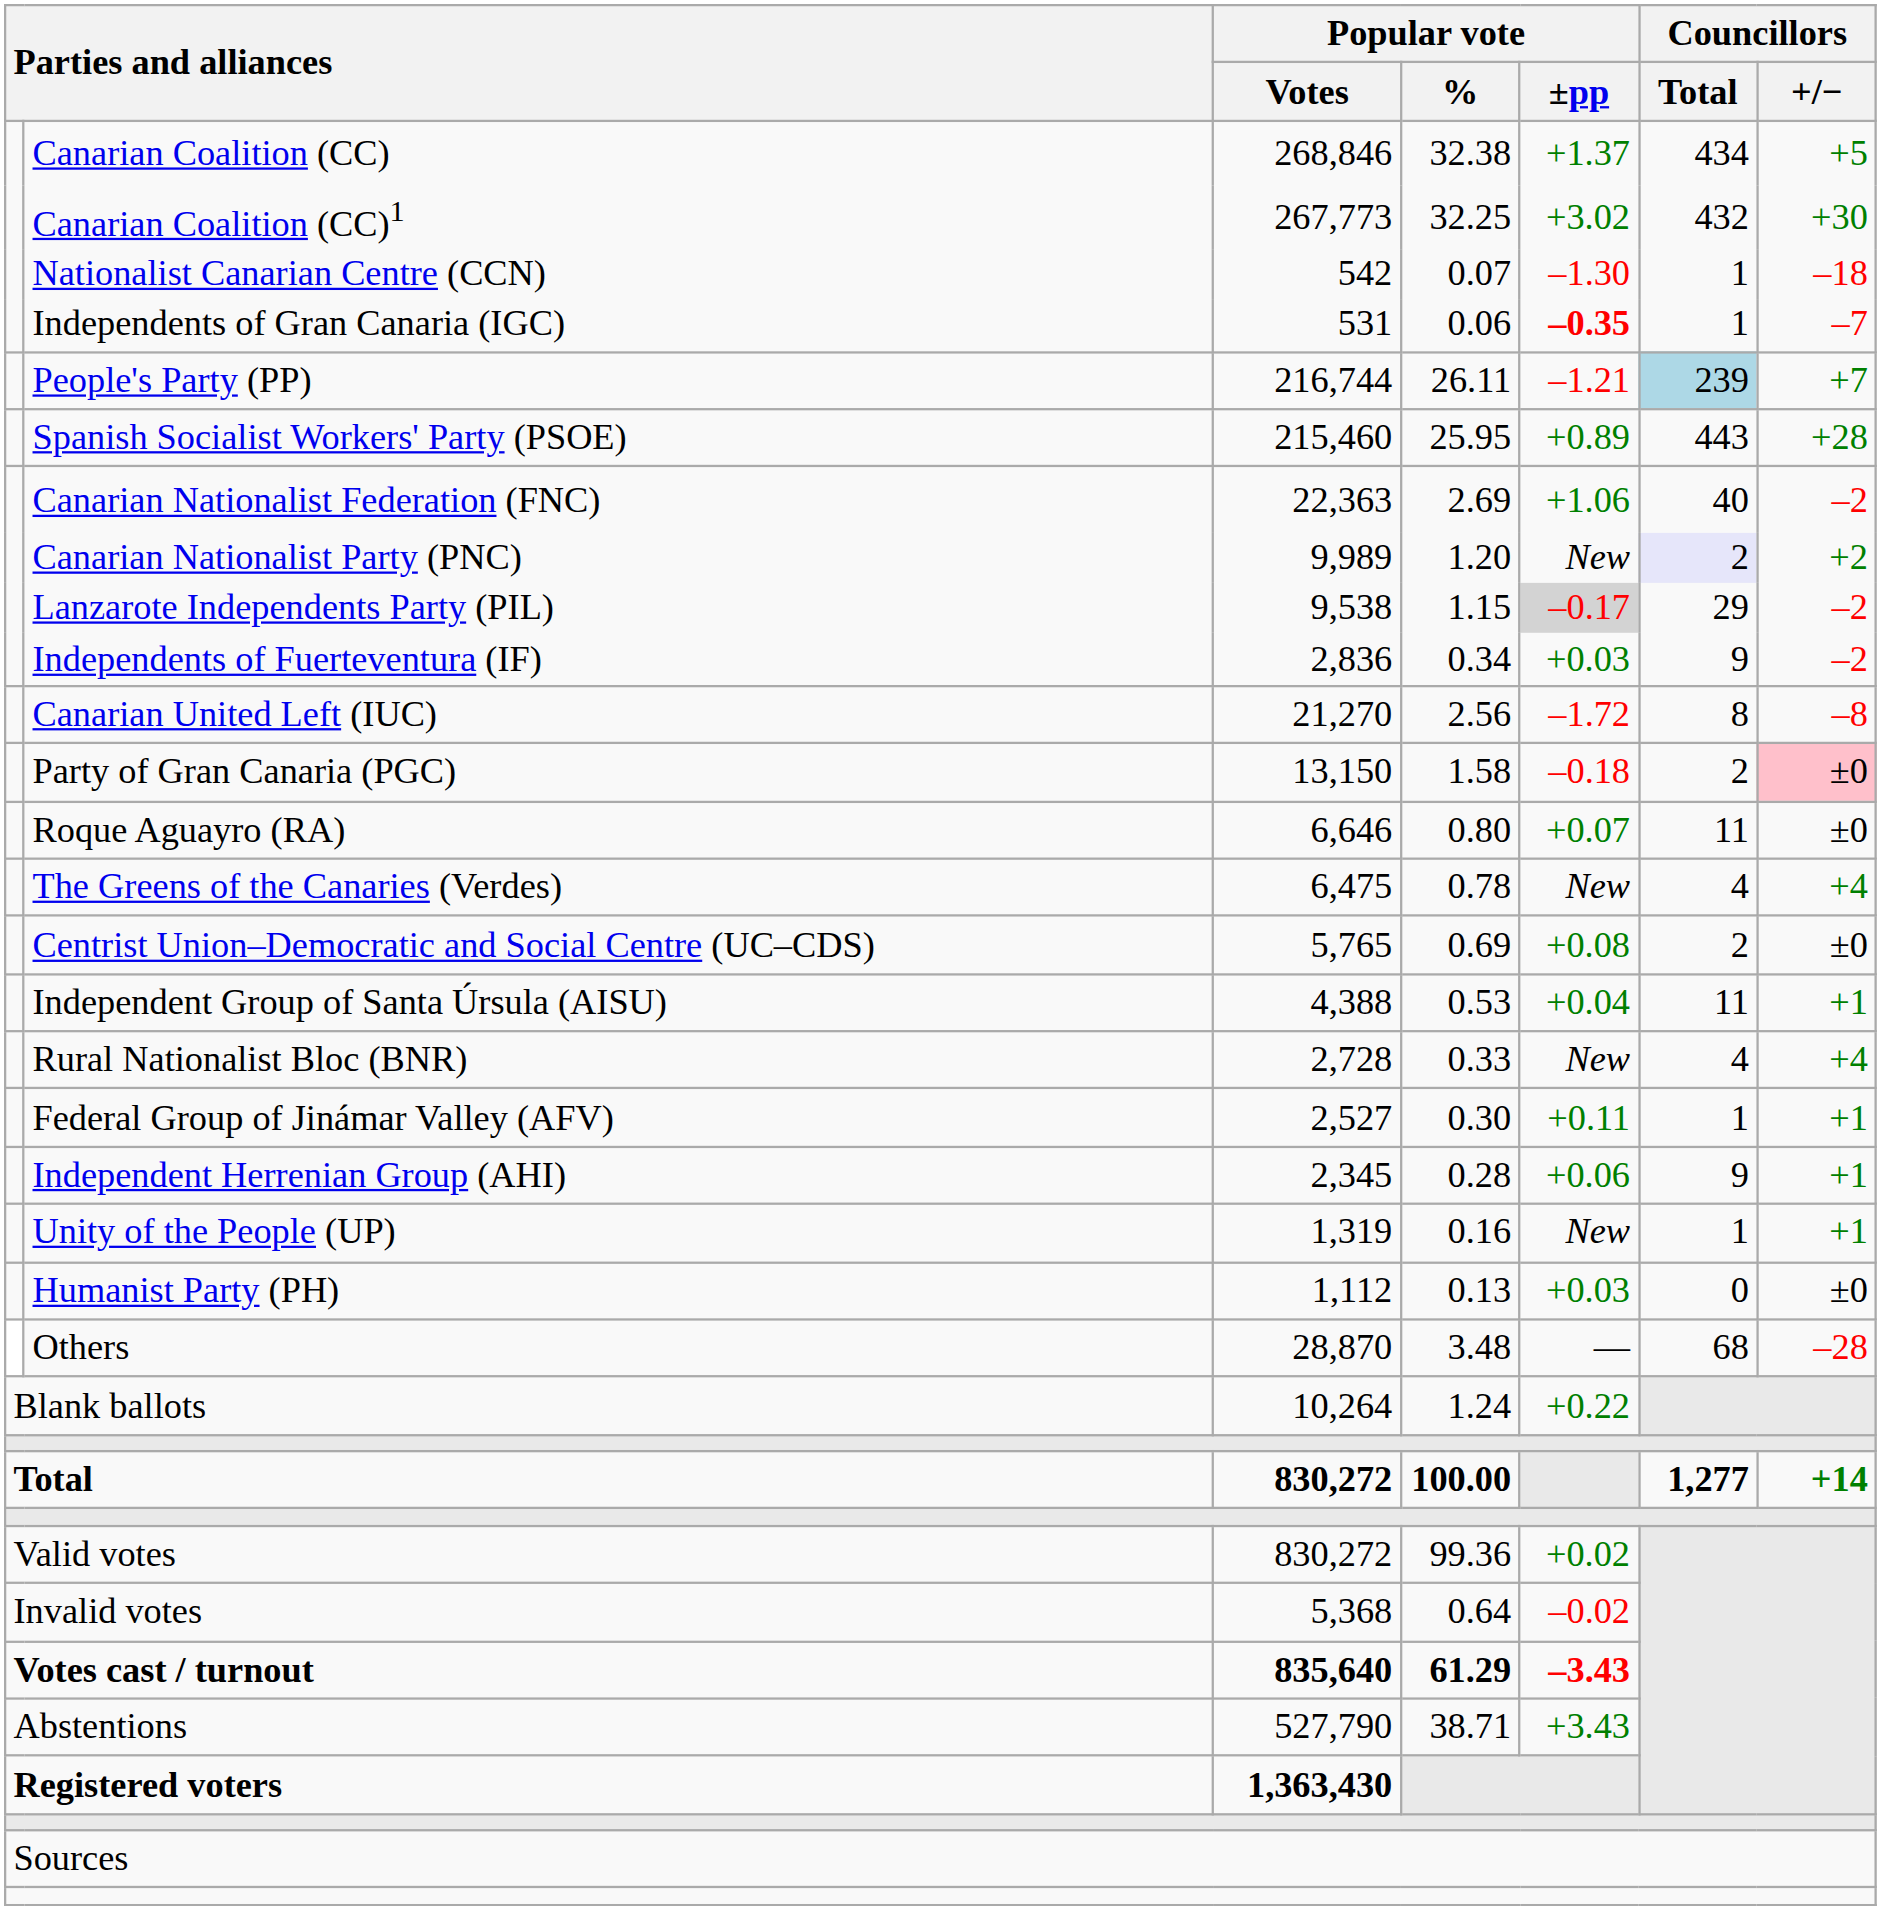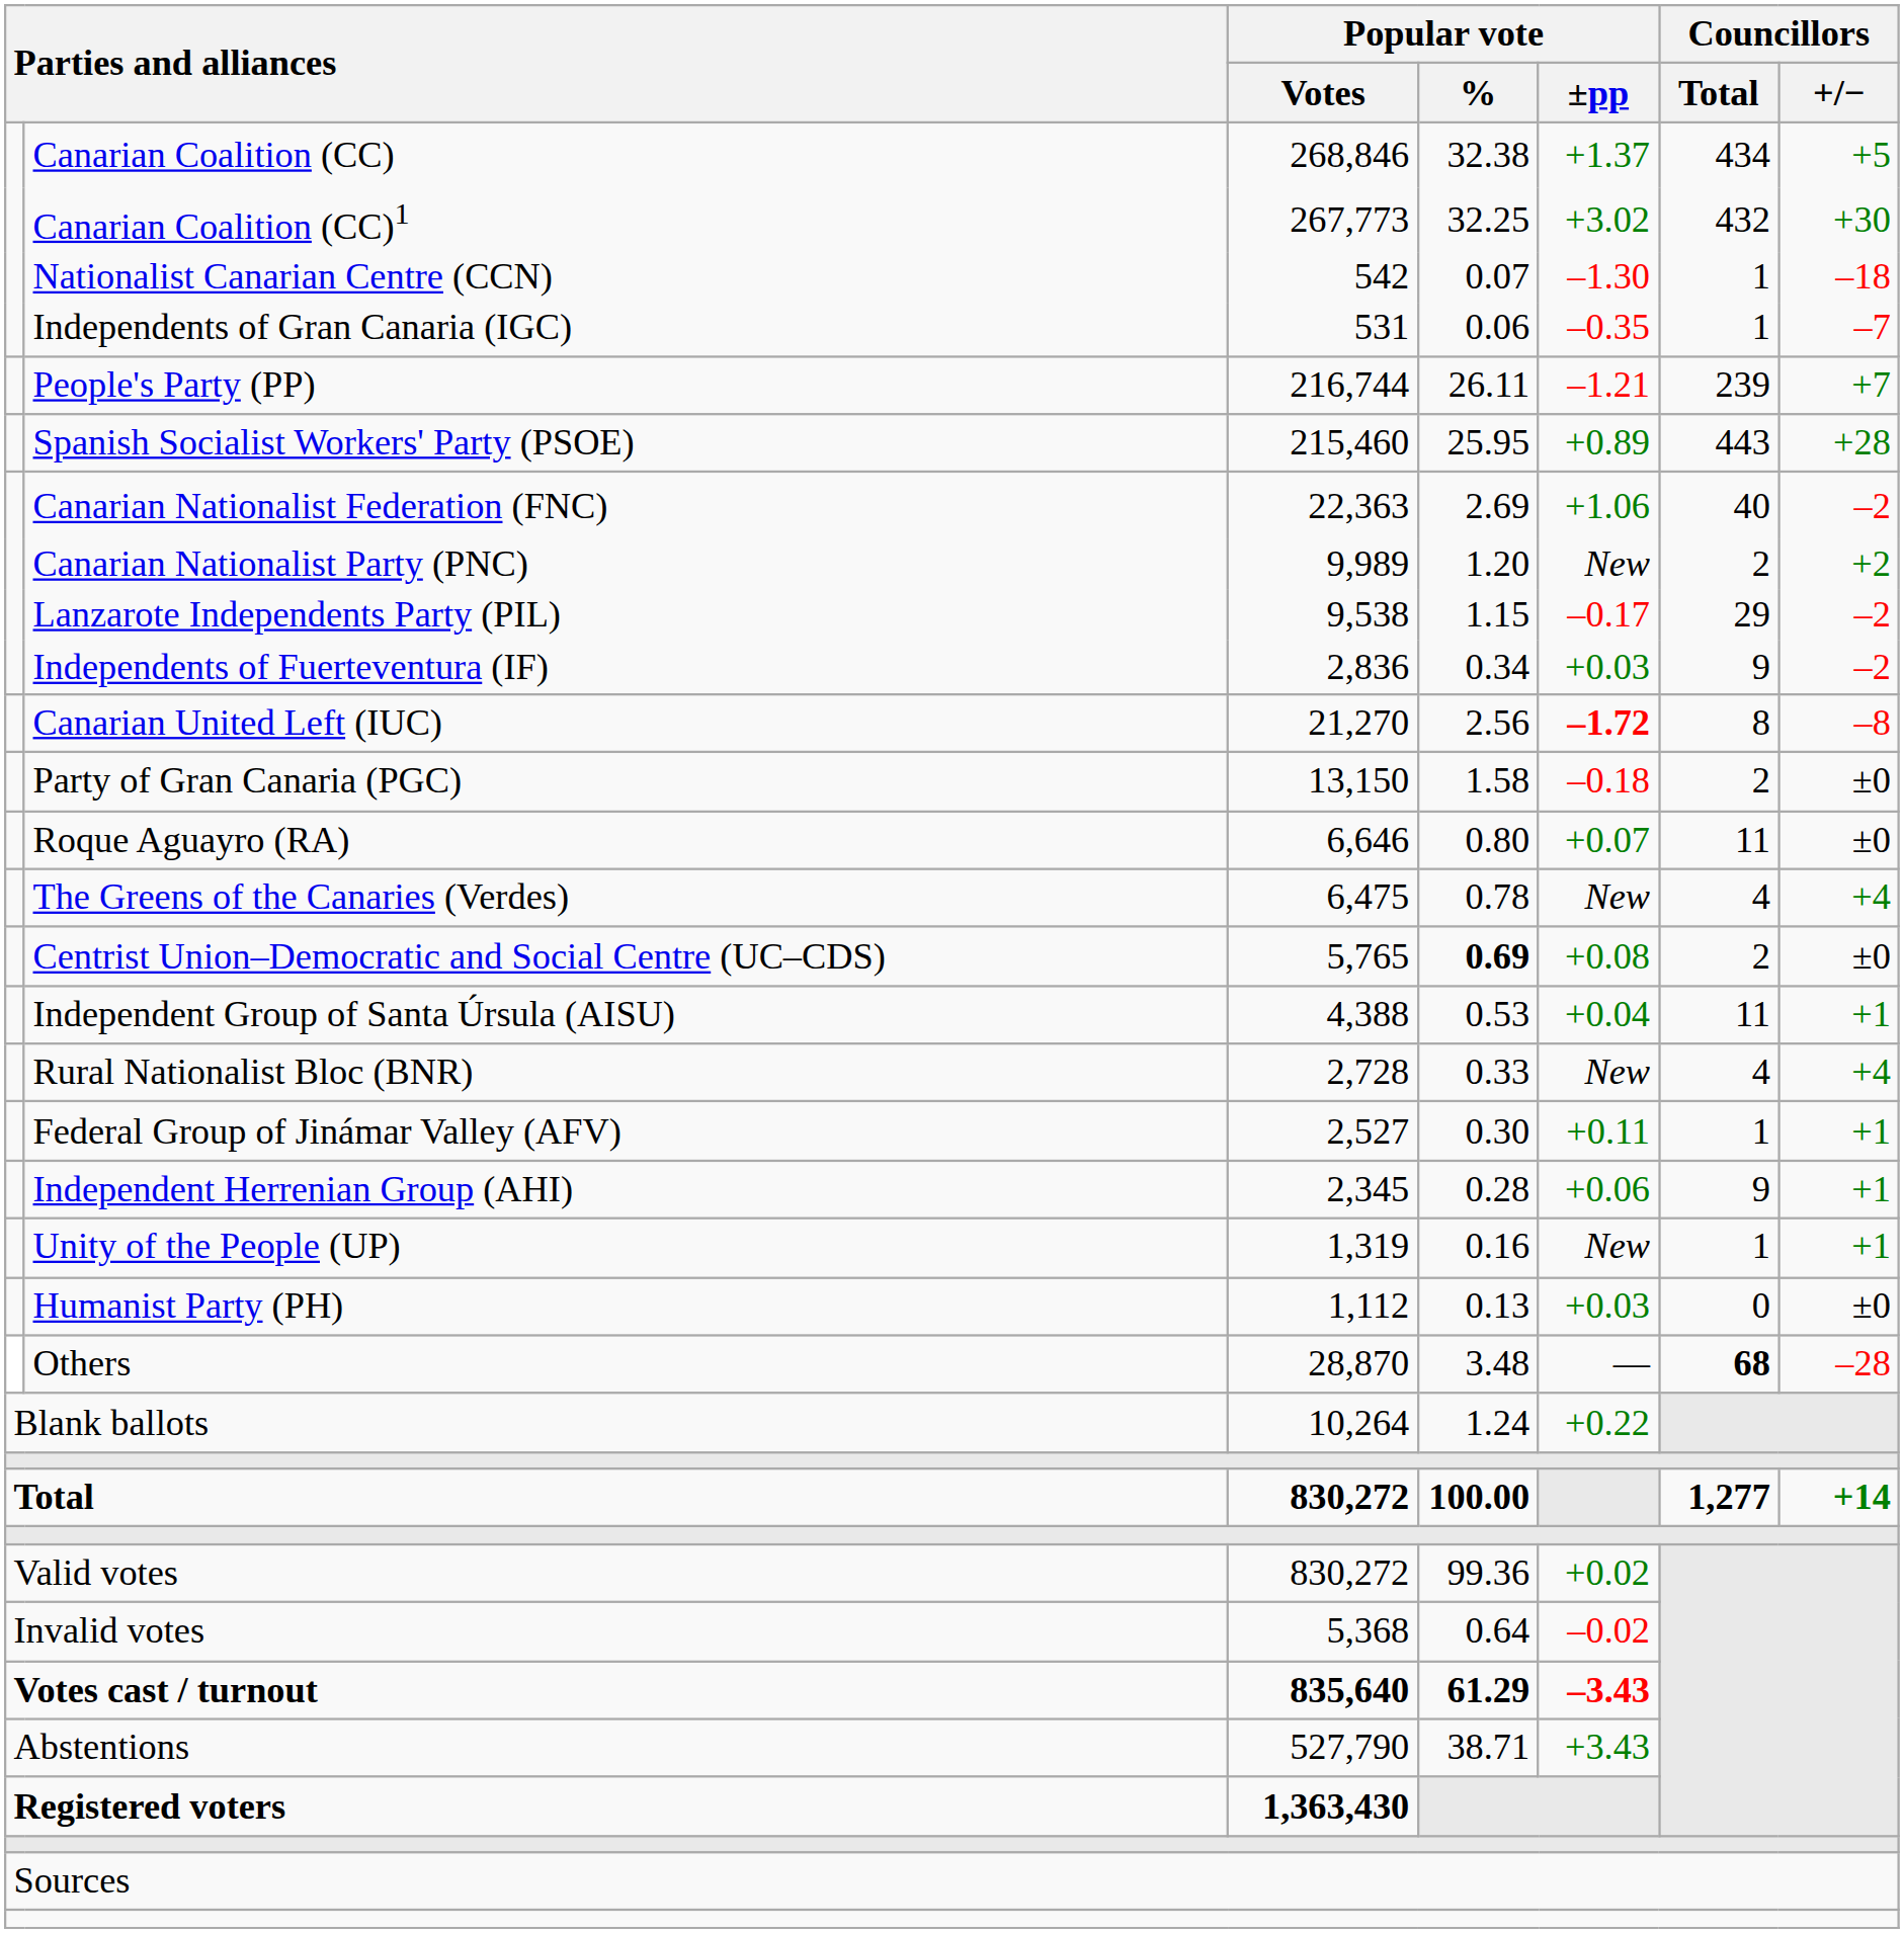 <table class="wikitable" style="text-align:right;">
 <tr>
 <th style="text-align:left;" rowspan="2" colspan="2" width="525">Parties and alliances</th>
 <th colspan="3">Popular vote</th>
 <th colspan="2">Councillors</th>
 </tr>
 <tr>
 <th width="75">Votes</th>
 <th width="45">%</th>
 <th width="45">±<a href='#'>pp</a></th>
 <th width="45">Total</th>
 <th width="45">+/−</th>
 </tr>
 <tr style="line-height:22px;">
 <td width="1" rowspan="4"></td>
 <td align="left"><a href='#'>Canarian Coalition</a> (CC)</td>
 <td>268,846</td>
 <td>32.38</td>
 <td style="color:green;">+1.37</td>
 <td>434</td>
 <td style="color:green;">+5</td>
 </tr>
 <tr style="border-bottom-style:hidden; border-top-style:hidden; line-height:16px;">
 <td align="left"><span><a href='#'>Canarian Coalition</a> (CC)<sup>1</sup></span></td>
 <td>267,773</td>
 <td>32.25</td>
 <td style="color:green;">+3.02</td>
 <td>432</td>
 <td style="color:green;">+30</td>
 </tr>
 <tr style="border-bottom-style:hidden; line-height:16px;">
 <td align="left"><span><a href='#'>Nationalist Canarian Centre</a> (CCN)</span></td>
 <td>542</td>
 <td>0.07</td>
 <td style="color:red;">–1.30</td>
 <td>1</td>
 <td style="color:red;">–18</td>
 </tr>
 <tr style="line-height:16px;">
 <td align="left"><span>Independents of Gran Canaria (IGC)</span></td>
 <td>531</td>
 <td>0.06</td>
-<td style="color:red;"><strong>–0.35</strong></td>
+<td style="color:red;">–0.35</td>
 <td>1</td>
 <td style="color:red;">–7</td>
 </tr>
 <tr>
 <td style="color:inherit;background:"></td>
 <td align="left"><a href='#'>People's Party</a> (PP)</td>
 <td>216,744</td>
 <td>26.11</td>
 <td style="color:red;">–1.21</td>
-<td style="background: lightblue;">239</td>
+<td>239</td>
 <td style="color:green;">+7</td>
 </tr>
 <tr>
 <td style="color:inherit;background:"></td>
 <td align="left"><a href='#'>Spanish Socialist Workers' Party</a> (PSOE)</td>
 <td>215,460</td>
 <td>25.95</td>
 <td style="color:green;">+0.89</td>
 <td>443</td>
 <td style="color:green;">+28</td>
 </tr>
 <tr style="line-height:22px;">
 <td rowspan="4" style="color:inherit;background:"></td>
 <td align="left"><a href='#'>Canarian Nationalist Federation</a> (FNC)</td>
 <td>22,363</td>
 <td>2.69</td>
 <td style="color:green;">+1.06</td>
 <td>40</td>
 <td style="color:red;">–2</td>
 </tr>
 <tr style="border-bottom-style:hidden; border-top-style:hidden; line-height:16px;">
 <td align="left"><span><a href='#'>Canarian Nationalist Party</a> (PNC)</span></td>
 <td>9,989</td>
 <td>1.20</td>
 <td><em>New</em></td>
-<td style="background: lavender;">2</td>
+<td>2</td>
 <td style="color:green;">+2</td>
 </tr>
 <tr style="border-bottom-style:hidden; line-height:16px;">
 <td align="left"><span><a href='#'>Lanzarote Independents Party</a> (PIL)</span></td>
 <td>9,538</td>
 <td>1.15</td>
-<td style="background: lightgrey; color:red;">–0.17</td>
+<td style="color:red;">–0.17</td>
 <td>29</td>
 <td style="color:red;">–2</td>
 </tr>
 <tr style="line-height:16px;">
 <td align="left"><span><a href='#'>Independents of Fuerteventura</a> (IF)</span></td>
 <td>2,836</td>
 <td>0.34</td>
 <td style="color:green;">+0.03</td>
 <td>9</td>
 <td style="color:red;">–2</td>
 </tr>
 <tr>
 <td style="color:inherit;background:"></td>
 <td align="left"><a href='#'>Canarian United Left</a> (IUC)</td>
 <td>21,270</td>
 <td>2.56</td>
-<td style="color:red;">–1.72</td>
+<td style="color:red;"><strong>–1.72</strong></td>
 <td>8</td>
 <td style="color:red;">–8</td>
 </tr>
 <tr>
 <td style="color:inherit;background:"></td>
 <td align="left">Party of Gran Canaria (PGC)</td>
 <td>13,150</td>
 <td>1.58</td>
 <td style="color:red;">–0.18</td>
 <td>2</td>
-<td style="background: pink;">±0</td>
+<td>±0</td>
 </tr>
 <tr>
 <td style="color:inherit;background:"></td>
 <td align="left">Roque Aguayro (RA)</td>
 <td>6,646</td>
 <td>0.80</td>
 <td style="color:green;">+0.07</td>
 <td>11</td>
 <td>±0</td>
 </tr>
 <tr>
 <td style="color:inherit;background:"></td>
 <td align="left"><a href='#'>The Greens of the Canaries</a> (Verdes)</td>
 <td>6,475</td>
 <td>0.78</td>
 <td><em>New</em></td>
 <td>4</td>
 <td style="color:green;">+4</td>
 </tr>
 <tr>
 <td style="color:inherit;background:"></td>
 <td align="left"><a href='#'>Centrist Union–Democratic and Social Centre</a> (UC–CDS)</td>
 <td>5,765</td>
-<td>0.69</td>
+<td><strong>0.69</strong></td>
 <td style="color:green;">+0.08</td>
 <td>2</td>
 <td>±0</td>
 </tr>
 <tr>
 <td style="color:inherit;background:"></td>
 <td align="left">Independent Group of Santa Úrsula (AISU)</td>
 <td>4,388</td>
 <td>0.53</td>
 <td style="color:green;">+0.04</td>
 <td>11</td>
 <td style="color:green;">+1</td>
 </tr>
 <tr>
 <td style="color:inherit;background:"></td>
 <td align="left">Rural Nationalist Bloc (BNR)</td>
 <td>2,728</td>
 <td>0.33</td>
 <td><em>New</em></td>
 <td>4</td>
 <td style="color:green;">+4</td>
 </tr>
 <tr>
 <td style="color:inherit;background:"></td>
 <td align="left">Federal Group of Jinámar Valley (AFV)</td>
 <td>2,527</td>
 <td>0.30</td>
 <td style="color:green;">+0.11</td>
 <td>1</td>
 <td style="color:green;">+1</td>
 </tr>
 <tr>
 <td style="color:inherit;background:"></td>
 <td align="left"><a href='#'>Independent Herrenian Group</a> (AHI)</td>
 <td>2,345</td>
 <td>0.28</td>
 <td style="color:green;">+0.06</td>
 <td>9</td>
 <td style="color:green;">+1</td>
 </tr>
 <tr>
 <td style="color:inherit;background:"></td>
 <td align="left"><a href='#'>Unity of the People</a> (UP)</td>
 <td>1,319</td>
 <td>0.16</td>
 <td><em>New</em></td>
 <td>1</td>
 <td style="color:green;">+1</td>
 </tr>
 <tr>
 <td style="color:inherit;background:"></td>
 <td align="left"><a href='#'>Humanist Party</a> (PH)</td>
 <td>1,112</td>
 <td>0.13</td>
 <td style="color:green;">+0.03</td>
 <td>0</td>
 <td>±0</td>
 </tr>
 <tr>
 <td bgcolor="white"></td>
 <td align="left">Others</td>
 <td>28,870</td>
 <td>3.48</td>
 <td>—</td>
-<td>68</td>
+<td><strong>68</strong></td>
 <td style="color:red;">–28</td>
 </tr>
 <tr>
 <td align="left" colspan="2">Blank ballots</td>
 <td>10,264</td>
 <td>1.24</td>
 <td style="color:green;">+0.22</td>
 <td style="color:inherit;background:#E9E9E9" colspan="2"></td>
 </tr>
 <tr>
 <td colspan="7" style="color:inherit;background:#E9E9E9"></td>
 </tr>
 <tr style="font-weight:bold;">
 <td align="left" colspan="2">Total</td>
 <td>830,272</td>
 <td>100.00</td>
 <td bgcolor="#E9E9E9"></td>
 <td>1,277</td>
 <td style="color:green;">+14</td>
 </tr>
 <tr>
 <td colspan="7" style="color:inherit;background:#E9E9E9"></td>
 </tr>
 <tr>
 <td align="left" colspan="2">Valid votes</td>
 <td>830,272</td>
 <td>99.36</td>
 <td style="color:green;">+0.02</td>
 <td bgcolor="#E9E9E9" colspan="2" rowspan="5"></td>
 </tr>
 <tr>
 <td align="left" colspan="2">Invalid votes</td>
 <td>5,368</td>
 <td>0.64</td>
 <td style="color:red;">–0.02</td>
 </tr>
 <tr style="font-weight:bold;">
 <td align="left" colspan="2">Votes cast / turnout</td>
 <td>835,640</td>
 <td>61.29</td>
 <td style="color:red;">–3.43</td>
 </tr>
 <tr>
 <td align="left" colspan="2">Abstentions</td>
 <td>527,790</td>
 <td>38.71</td>
 <td style="color:green;">+3.43</td>
 </tr>
 <tr style="font-weight:bold;">
 <td align="left" colspan="2">Registered voters</td>
 <td>1,363,430</td>
 <td bgcolor="#E9E9E9" colspan="2"></td>
 </tr>
 <tr>
 <td colspan="7" style="color:inherit;background:#E9E9E9"></td>
 </tr>
 <tr>
 <td align="left" colspan="7">Sources</td>
 </tr>
 <tr>
 <td colspan="7" style="text-align:left; max-width:790px;"></td>
 </tr>
 </table>
